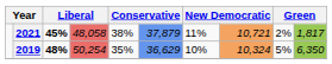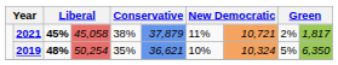 <table class="wikitable" style="float:right; width:400; font-size:90%; margin-left:1em;">
 <tr>
 <th colspan="2" scope="col">Year</th>
 <th colspan="2" scope="col"><a href='#'>Liberal</a></th>
 <th colspan="2" scope="col"><a href='#'>Conservative</a></th>
 <th colspan="2" scope="col"><a href='#'>New Democratic</a></th>
 <th colspan="2" scope="col"><a href='#'>Green</a></th>
 </tr>
 <tr>
 <td rowspan="2" style="width: 0.25em; background-color: "></td>
 <th><a href='#'>2021</a></th>
 <td><strong>45%</strong></td>
-<td style="text-align:right; background:#EA6D6A;"><em>48,058</em></td>
+<td style="text-align:right; background:#EA6D6A;"><em>45,058</em></td>
 <td>38%</td>
 <td style="text-align:right; background:#6495ED;"><em>37,879</em></td>
 <td>11%</td>
 <td style="text-align:right; background:#F4A460;"><em>10,721</em></td>
 <td>2%</td>
 <td style="text-align:right; background:#99C955;"><em>1,817</em></td>
 </tr>
 <tr>
 <th><a href='#'>2019</a></th>
 <td><strong>48%</strong></td>
 <td style="text-align:right; background:#EA6D6A;"><em>50,254</em></td>
 <td>35%</td>
-<td style="text-align:right; background:#6495ED;"><em>36,629</em></td>
+<td style="text-align:right; background:#6495ED;"><em>36,621</em></td>
 <td>10%</td>
 <td style="text-align:right; background:#F4A460;"><em>10,324</em></td>
 <td>5%</td>
 <td style="text-align:right; background:#99C955;"><em>6,350</em></td>
 </tr>
 <tr>
 </tr>
 </table>
